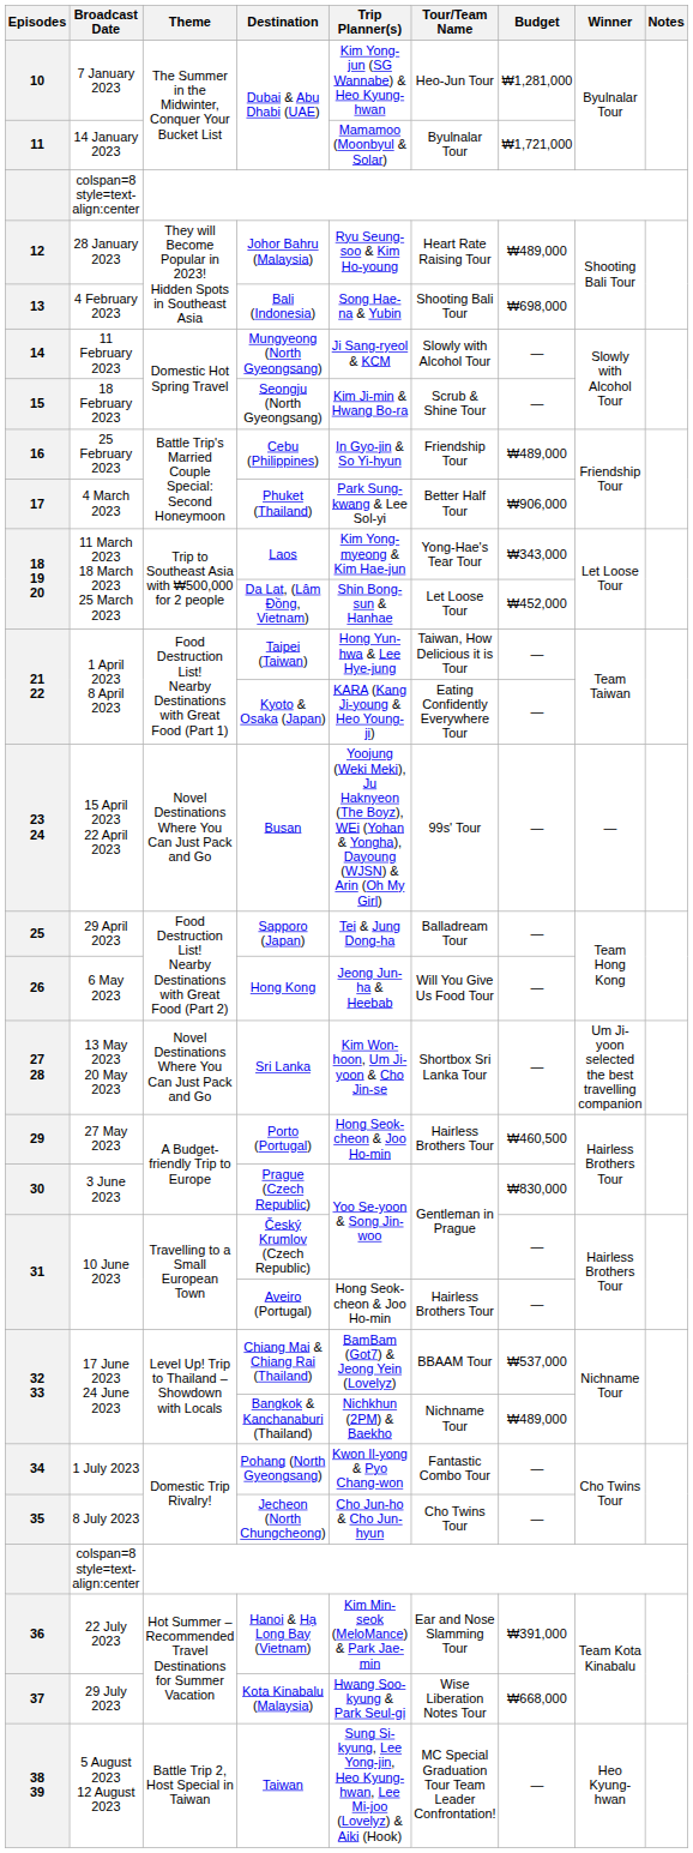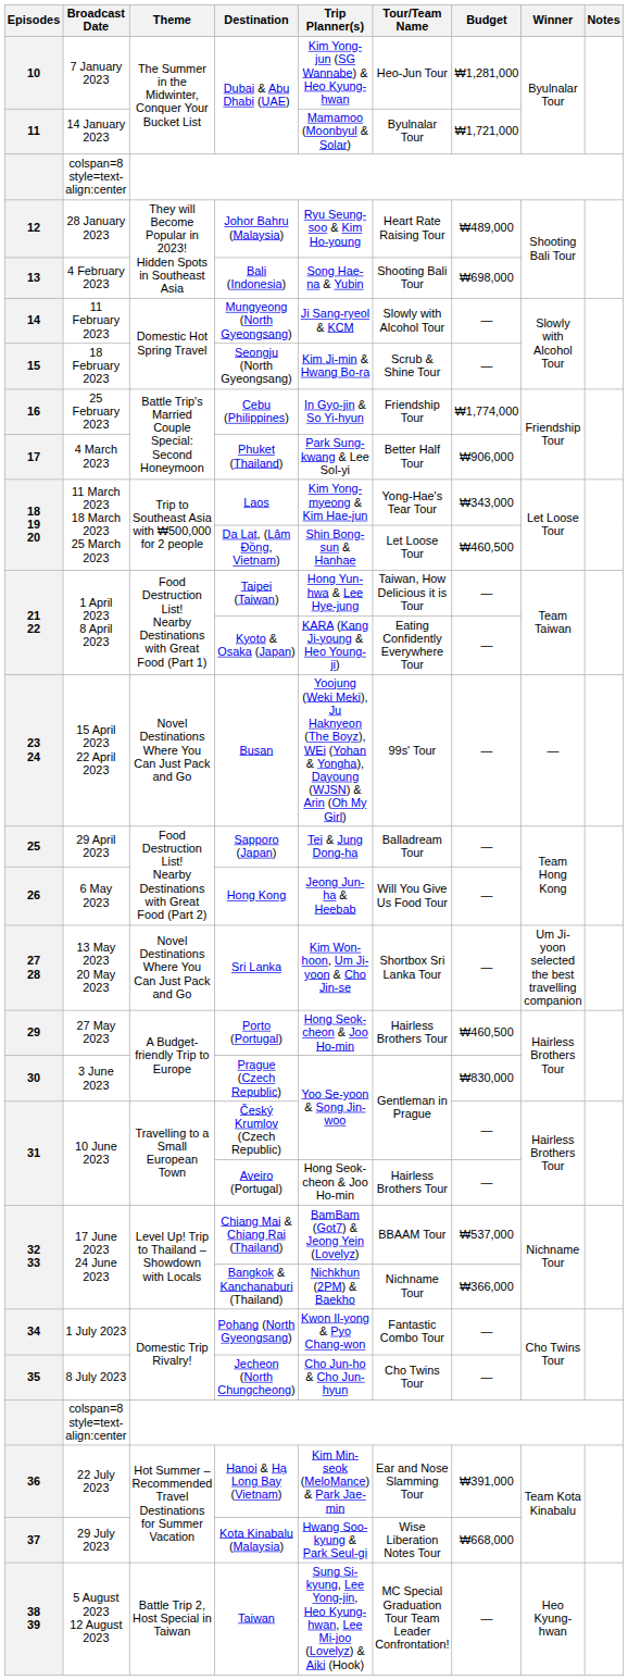 <table class=wikitable style=text-align:center;width:100%;background:#ffffff>
 <tr>
 <th width=3%>Episodes</th>
 <th width=7%>Broadcast Date</th>
 <th width=15%>Theme</th>
 <th width=15%>Destination</th>
 <th width=20%>Trip Planner(s)</th>
 <th width=13%>Tour/Team Name</th>
 <th width=5%>Budget</th>
 <th width=7%>Winner</th>
 <th width=10%>Notes</th>
 </tr>
 <tr>
 <th>10</th>
 <td>7 January 2023</td>
 <td rowspan=2>The Summer in the Midwinter, Conquer Your Bucket List</td>
 <td rowspan=2><a href='#'>Dubai</a> & <a href='#'>Abu Dhabi</a> (<a href='#'>UAE</a>)</td>
 <td><a href='#'>Kim Yong-jun</a> (<a href='#'>SG Wannabe</a>) & <a href='#'>Heo Kyung-hwan</a></td>
 <td>Heo-Jun Tour</td>
 <td>₩1,281,000</td>
 <td rowspan=2>Byulnalar Tour</td>
 <td rowspan=2></td>
 </tr>
 <tr>
 <th>11</th>
 <td>14 January 2023</td>
 <td><a href='#'>Mamamoo</a> (<a href='#'>Moonbyul</a> & <a href='#'>Solar</a>)</td>
 <td>Byulnalar Tour</td>
 <td>₩1,721,000</td>
 </tr>
 <tr>
 <th></th>
 <td>colspan=8 style=text-align:center </td>
 </tr>
 <tr>
 <th>12</th>
 <td>28 January 2023</td>
 <td rowspan=2>They will Become Popular in 2023!<br>Hidden Spots in Southeast Asia</td>
 <td><a href='#'>Johor Bahru</a> (<a href='#'>Malaysia</a>)</td>
 <td><a href='#'>Ryu Seung-soo</a> & <a href='#'>Kim Ho-young</a></td>
 <td>Heart Rate Raising Tour</td>
 <td>₩489,000</td>
 <td rowspan=2>Shooting Bali Tour</td>
 <td rowspan=2></td>
 </tr>
 <tr>
 <th>13</th>
 <td>4 February 2023</td>
 <td><a href='#'>Bali</a> (<a href='#'>Indonesia</a>)</td>
 <td><a href='#'>Song Hae-na</a> & <a href='#'>Yubin</a></td>
 <td>Shooting Bali Tour</td>
 <td>₩698,000</td>
 </tr>
 <tr>
 <th>14</th>
 <td>11 February 2023</td>
 <td rowspan=2>Domestic Hot Spring Travel</td>
 <td><a href='#'>Mungyeong</a> (<a href='#'>North Gyeongsang</a>)</td>
 <td><a href='#'>Ji Sang-ryeol</a> & <a href='#'>KCM</a></td>
 <td>Slowly with Alcohol Tour</td>
 <td>—</td>
 <td rowspan=2>Slowly with Alcohol Tour</td>
 <td rowspan=2></td>
 </tr>
 <tr>
 <th>15</th>
 <td>18 February 2023</td>
 <td><a href='#'>Seongju</a> (North Gyeongsang)</td>
 <td><a href='#'>Kim Ji-min</a> & <a href='#'>Hwang Bo-ra</a></td>
 <td>Scrub & Shine Tour</td>
 <td>—</td>
 </tr>
 <tr>
 <th>16</th>
 <td>25 February 2023</td>
 <td rowspan=2>Battle Trip's Married Couple Special: Second Honeymoon</td>
 <td><a href='#'>Cebu</a> (<a href='#'>Philippines</a>)</td>
 <td><a href='#'>In Gyo-jin</a> & <a href='#'>So Yi-hyun</a></td>
 <td>Friendship Tour</td>
-<td>₩489,000</td>
+<td>₩1,774,000</td>
 <td rowspan=2>Friendship Tour</td>
 <td rowspan=2></td>
 </tr>
 <tr>
 <th>17</th>
 <td>4 March 2023</td>
 <td><a href='#'>Phuket</a> (<a href='#'>Thailand</a>)</td>
 <td><a href='#'>Park Sung-kwang</a> & Lee Sol-yi</td>
 <td>Better Half Tour</td>
 <td>₩906,000</td>
 </tr>
 <tr>
 <th rowspan=2>18<br>19<br>20</th>
 <td rowspan=2>11 March 2023<br>18 March 2023<br>25 March 2023</td>
 <td rowspan=2>Trip to Southeast Asia with ₩500,000 for 2 people</td>
 <td><a href='#'>Laos</a></td>
 <td><a href='#'>Kim Yong-myeong</a> & <a href='#'>Kim Hae-jun</a></td>
 <td>Yong-Hae's Tear Tour</td>
 <td>₩343,000</td>
 <td rowspan=2>Let Loose Tour</td>
 <td rowspan=2></td>
 </tr>
 <tr>
 <td><a href='#'>Da Lat</a>, (<a href='#'>Lâm Đồng</a>, <a href='#'>Vietnam</a>)</td>
 <td><a href='#'>Shin Bong-sun</a> & <a href='#'>Hanhae</a></td>
 <td>Let Loose Tour</td>
-<td>₩452,000</td>
+<td>₩460,500</td>
 </tr>
 <tr>
 <th rowspan=2>21<br>22</th>
 <td rowspan=2>1 April 2023<br>8 April 2023</td>
 <td rowspan=2>Food Destruction List!<br>Nearby Destinations with Great Food (Part 1)</td>
 <td><a href='#'>Taipei</a> (<a href='#'>Taiwan</a>)</td>
 <td><a href='#'>Hong Yun-hwa</a> & <a href='#'>Lee Hye-jung</a></td>
 <td>Taiwan, How Delicious it is Tour</td>
 <td>—</td>
 <td rowspan=2>Team Taiwan</td>
 <td rowspan=2></td>
 </tr>
 <tr>
 <td><a href='#'>Kyoto</a> & <a href='#'>Osaka</a> (<a href='#'>Japan</a>)</td>
 <td><a href='#'>KARA</a> (<a href='#'>Kang Ji-young</a> & <a href='#'>Heo Young-ji</a>)</td>
 <td>Eating Confidently Everywhere Tour</td>
 <td>—</td>
 </tr>
 <tr>
 <th>23<br>24</th>
 <td>15 April 2023<br>22 April 2023</td>
 <td>Novel Destinations Where You Can Just Pack and Go</td>
 <td><a href='#'>Busan</a></td>
 <td><a href='#'>Yoojung</a> (<a href='#'>Weki Meki</a>), <a href='#'>Ju Haknyeon</a> (<a href='#'>The Boyz</a>),<br><a href='#'>WEi</a> (<a href='#'>Yohan</a> & <a href='#'>Yongha</a>), <a href='#'>Dayoung</a> (<a href='#'>WJSN</a>) & <a href='#'>Arin</a> (<a href='#'>Oh My Girl</a>)</td>
 <td>99s' Tour</td>
 <td>—</td>
 <td>—</td>
 <td></td>
 </tr>
 <tr>
 <th>25</th>
 <td>29 April 2023</td>
 <td rowspan=2>Food Destruction List!<br>Nearby Destinations with Great Food (Part 2)</td>
 <td><a href='#'>Sapporo</a> (<a href='#'>Japan</a>)</td>
 <td><a href='#'>Tei</a> & <a href='#'>Jung Dong-ha</a></td>
 <td>Balladream Tour</td>
 <td>—</td>
 <td rowspan=2>Team Hong Kong</td>
 <td rowspan=2></td>
 </tr>
 <tr>
 <th>26</th>
 <td>6 May 2023</td>
 <td><a href='#'>Hong Kong</a></td>
 <td><a href='#'>Jeong Jun-ha</a> & <a href='#'>Heebab</a></td>
 <td>Will You Give Us Food Tour</td>
 <td>—</td>
 </tr>
 <tr>
 <th>27<br>28</th>
 <td>13 May 2023<br>20 May 2023</td>
 <td>Novel Destinations Where You Can Just Pack and Go</td>
 <td><a href='#'>Sri Lanka</a></td>
 <td><a href='#'>Kim Won-hoon</a>, <a href='#'>Um Ji-yoon</a> & <a href='#'>Cho Jin-se</a></td>
 <td>Shortbox Sri Lanka Tour</td>
 <td>—</td>
 <td>Um Ji-yoon selected the best travelling companion</td>
 <td></td>
 </tr>
 <tr>
 <th>29</th>
 <td>27 May 2023</td>
 <td rowspan=2>A Budget-friendly Trip to Europe</td>
 <td><a href='#'>Porto</a> (<a href='#'>Portugal</a>)</td>
 <td><a href='#'>Hong Seok-cheon</a> & <a href='#'>Joo Ho-min</a></td>
 <td>Hairless Brothers Tour</td>
 <td>₩460,500</td>
 <td rowspan=2>Hairless Brothers Tour</td>
 <td rowspan=2></td>
 </tr>
 <tr>
 <th>30</th>
 <td>3 June 2023</td>
 <td><a href='#'>Prague</a> (<a href='#'>Czech Republic</a>)</td>
 <td rowspan=2><a href='#'>Yoo Se-yoon</a> & <a href='#'>Song Jin-woo</a></td>
 <td rowspan=2>Gentleman in Prague</td>
 <td>₩830,000</td>
 </tr>
 <tr>
 <th rowspan=2>31</th>
 <td rowspan=2>10 June 2023</td>
 <td rowspan=2>Travelling to a Small European Town</td>
 <td><a href='#'>Český Krumlov</a> (Czech Republic)</td>
 <td>—</td>
 <td rowspan=2>Hairless Brothers Tour</td>
 <td rowspan=2></td>
 </tr>
 <tr>
 <td><a href='#'>Aveiro</a> (Portugal)</td>
 <td>Hong Seok-cheon & Joo Ho-min</td>
 <td>Hairless Brothers Tour</td>
 <td>—</td>
 </tr>
 <tr>
 <th rowspan=2>32<br>33</th>
 <td rowspan=2>17 June 2023<br>24 June 2023</td>
 <td rowspan=2>Level Up! Trip to Thailand – Showdown with Locals</td>
 <td><a href='#'>Chiang Mai</a> & <a href='#'>Chiang Rai</a> (<a href='#'>Thailand</a>)</td>
 <td><a href='#'>BamBam</a> (<a href='#'>Got7</a>) & <a href='#'>Jeong Yein</a> (<a href='#'>Lovelyz</a>)</td>
 <td>BBAAM Tour</td>
 <td>₩537,000</td>
 <td rowspan=2>Nichname Tour</td>
 <td rowspan=2></td>
 </tr>
 <tr>
 <td><a href='#'>Bangkok</a> & <a href='#'>Kanchanaburi</a> (Thailand)</td>
 <td><a href='#'>Nichkhun</a> (<a href='#'>2PM</a>) & <a href='#'>Baekho</a></td>
 <td>Nichname Tour</td>
-<td>₩489,000</td>
+<td>₩366,000</td>
 </tr>
 <tr>
 <th>34</th>
 <td>1 July 2023</td>
 <td rowspan=2>Domestic Trip Rivalry!</td>
 <td><a href='#'>Pohang</a> (<a href='#'>North Gyeongsang</a>)</td>
 <td><a href='#'>Kwon Il-yong</a> & <a href='#'>Pyo Chang-won</a></td>
 <td>Fantastic Combo Tour</td>
 <td>—</td>
 <td rowspan=2>Cho Twins Tour</td>
 <td rowspan=2></td>
 </tr>
 <tr>
 <th>35</th>
 <td>8 July 2023</td>
 <td><a href='#'>Jecheon</a> (<a href='#'>North Chungcheong</a>)</td>
 <td><a href='#'>Cho Jun-ho</a> & <a href='#'>Cho Jun-hyun</a></td>
 <td>Cho Twins Tour</td>
 <td>—</td>
 </tr>
 <tr>
 <th></th>
 <td>colspan=8 style=text-align:center </td>
 </tr>
 <tr>
 <th>36</th>
 <td>22 July 2023</td>
 <td rowspan=2>Hot Summer – Recommended Travel Destinations for Summer Vacation</td>
 <td><a href='#'>Hanoi</a> & <a href='#'>Hạ Long Bay</a> (<a href='#'>Vietnam</a>)</td>
 <td><a href='#'>Kim Min-seok</a> (<a href='#'>MeloMance</a>) & <a href='#'>Park Jae-min</a></td>
 <td>Ear and Nose Slamming Tour</td>
 <td>₩391,000</td>
 <td rowspan=2>Team Kota Kinabalu</td>
 <td rowspan=2></td>
 </tr>
 <tr>
 <th>37</th>
 <td>29 July 2023</td>
 <td><a href='#'>Kota Kinabalu</a> (<a href='#'>Malaysia</a>)</td>
 <td><a href='#'>Hwang Soo-kyung</a> & <a href='#'>Park Seul-gi</a></td>
 <td>Wise Liberation Notes Tour</td>
 <td>₩668,000</td>
 </tr>
 <tr>
 <th>38<br>39</th>
 <td>5 August 2023<br>12 August 2023</td>
 <td>Battle Trip 2, Host Special in Taiwan</td>
 <td><a href='#'>Taiwan</a></td>
 <td><a href='#'>Sung Si-kyung</a>, <a href='#'>Lee Yong-jin</a>, <a href='#'>Heo Kyung-hwan</a>, <a href='#'>Lee Mi-joo</a> (<a href='#'>Lovelyz</a>) & <a href='#'>Aiki</a> (Hook)</td>
 <td>MC Special Graduation Tour Team Leader Confrontation!</td>
 <td>—</td>
 <td>Heo Kyung-hwan</td>
 <td></td>
 </tr>
 </table>
